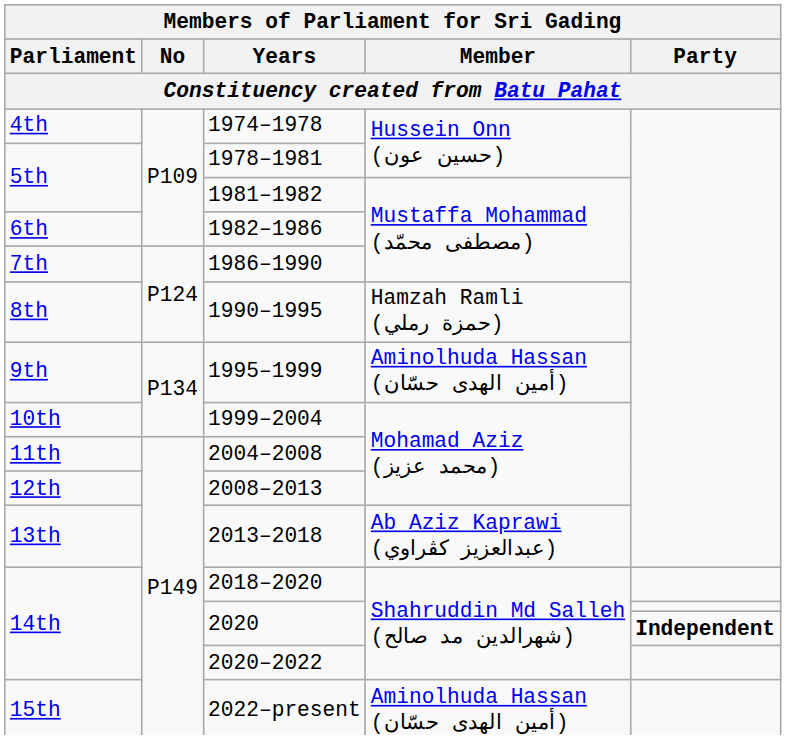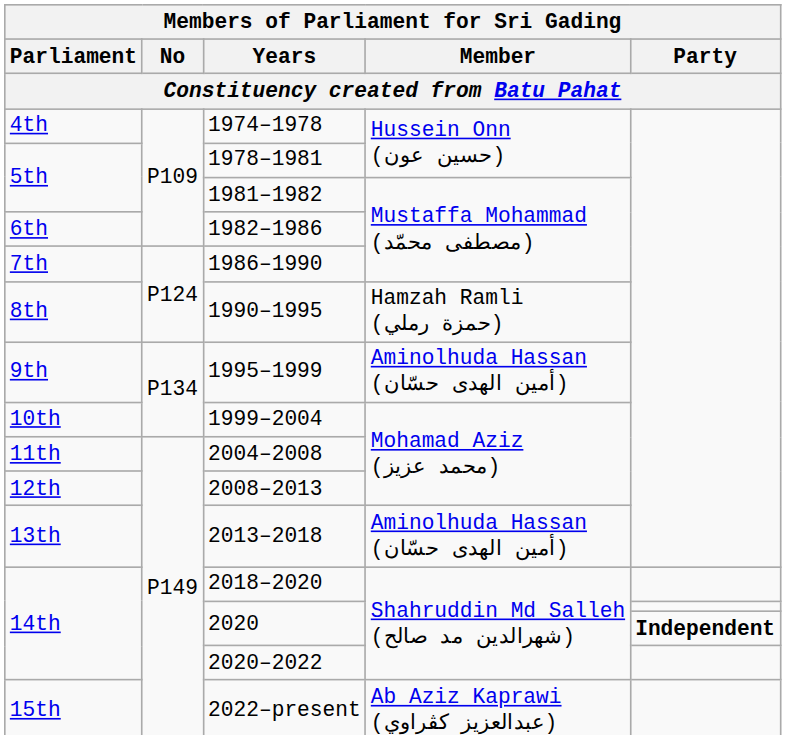 <table class=wikitable>
 <tr>
 <th colspan="5">Members of Parliament for Sri Gading</th>
 </tr>
 <tr>
 <th>Parliament</th>
 <th>No</th>
 <th>Years</th>
 <th>Member</th>
 <th>Party</th>
 </tr>
 <tr>
 <th colspan="5" align="center"><em>Constituency created from <a href='#'>Batu Pahat</a></em></th>
 </tr>
 <tr>
 <td><a href='#'>4th</a></td>
 <td rowspan="4">P109</td>
 <td>1974–1978</td>
 <td rowspan=2><a href='#'>Hussein Onn</a> <br> (حسين عون‎)</td>
 <td rowspan="11"></td>
 </tr>
 <tr>
 <td rowspan=2><a href='#'>5th</a></td>
 <td>1978–1981</td>
 </tr>
 <tr>
 <td>1981–1982</td>
 <td rowspan=3><a href='#'>Mustaffa Mohammad</a> <br> (مصطفى محمّد‎)</td>
 </tr>
 <tr>
 <td><a href='#'>6th</a></td>
 <td>1982–1986</td>
 </tr>
 <tr>
 <td><a href='#'>7th</a></td>
 <td rowspan="2">P124</td>
 <td>1986–1990</td>
 </tr>
 <tr>
 <td><a href='#'>8th</a></td>
 <td>1990–1995</td>
 <td>Hamzah Ramli <br> (حمزة رملي)</td>
 </tr>
 <tr>
 <td><a href='#'>9th</a></td>
 <td rowspan="2">P134</td>
 <td>1995–1999</td>
 <td><a href='#'>Aminolhuda Hassan</a> <br> (أمين الهدى حسّان)</td>
 </tr>
 <tr>
 <td><a href='#'>10th</a></td>
 <td>1999–2004</td>
 <td rowspan=3><a href='#'>Mohamad Aziz</a> <br> (محمد عزيز‎)</td>
 </tr>
 <tr>
 <td><a href='#'>11th</a></td>
 <td rowspan="8">P149</td>
 <td>2004–2008</td>
 </tr>
 <tr>
 <td><a href='#'>12th</a></td>
 <td>2008–2013</td>
 </tr>
 <tr>
 <td><a href='#'>13th</a></td>
 <td>2013–2018</td>
-<td><a href='#'>Ab Aziz Kaprawi</a> <br> (عبدالعزيز کڤراوي‎)</td>
+<td><a href='#'>Aminolhuda Hassan</a> <br> (أمين الهدى حسّان)</td>
 </tr>
 <tr>
 <td rowspan="4"><a href='#'>14th</a></td>
 <td>2018–2020</td>
 <td rowspan="4"><a href='#'>Shahruddin Md Salleh</a> <br> (شهرالدين مد صالح‎)</td>
 <td></td>
 </tr>
 <tr>
 <td rowspan="2">2020</td>
 <td></td>
 </tr>
 <tr>
 <td><strong>Independent</strong></td>
 </tr>
 <tr>
 <td>2020–2022</td>
 <td></td>
 </tr>
 <tr>
 <td><a href='#'>15th</a></td>
 <td>2022–present</td>
-<td><a href='#'>Aminolhuda Hassan</a> <br> (أمين الهدى حسّان)</td>
+<td><a href='#'>Ab Aziz Kaprawi</a> <br> (عبدالعزيز کڤراوي‎)</td>
 <td></td>
 </tr>
 </table>
